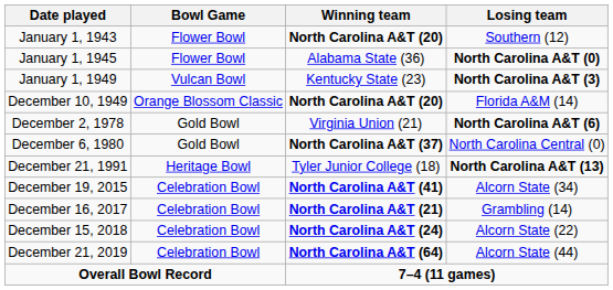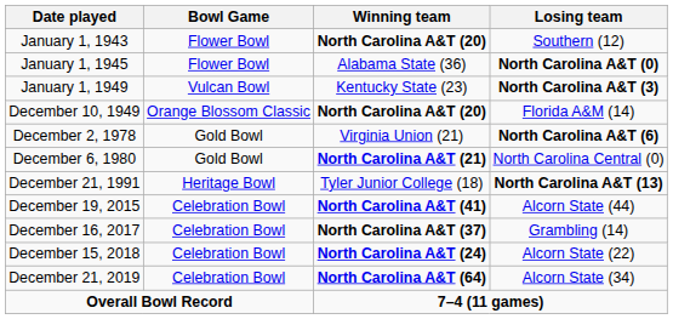 <table class="wikitable" style="text-align:center">
 <tr>
 <th>Date played</th>
 <th>Bowl Game</th>
 <th>Winning team</th>
 <th>Losing team</th>
 </tr>
 <tr style="text-align:center;">
 <td>January 1, 1943</td>
 <td><a href='#'>Flower Bowl</a></td>
 <td><strong>North Carolina A&T (20)</strong></td>
 <td><a href='#'>Southern</a> (12)</td>
 </tr>
 <tr style="text-align:center;">
 <td>January 1, 1945</td>
 <td><a href='#'>Flower Bowl</a></td>
 <td><a href='#'>Alabama State</a> (36)</td>
 <td><strong>North Carolina A&T (0)</strong></td>
 </tr>
 <tr style="text-align:center;">
 <td>January 1, 1949</td>
 <td><a href='#'>Vulcan Bowl</a></td>
 <td><a href='#'>Kentucky State</a> (23)</td>
 <td><strong>North Carolina A&T (3)</strong></td>
 </tr>
 <tr style="text-align:center;">
 <td>December 10, 1949</td>
 <td><a href='#'>Orange Blossom Classic</a></td>
 <td><strong>North Carolina A&T (20)</strong></td>
 <td><a href='#'>Florida A&M</a> (14)</td>
 </tr>
 <tr style="text-align:center;">
 <td>December 2, 1978</td>
 <td>Gold Bowl</td>
 <td><a href='#'>Virginia Union</a> (21)</td>
 <td><strong>North Carolina A&T (6)</strong></td>
 </tr>
 <tr style="text-align:center;">
 <td>December 6, 1980</td>
 <td>Gold Bowl</td>
-<td><strong>North Carolina A&T (37)</strong></td>
+<td><strong><a href='#'>North Carolina A&T</a> (21)</strong></td>
 <td><a href='#'>North Carolina Central</a> (0)</td>
 </tr>
 <tr style="text-align:center;">
 <td>December 21, 1991</td>
 <td><a href='#'>Heritage Bowl</a></td>
 <td><a href='#'>Tyler Junior College</a> (18)</td>
 <td><strong>North Carolina A&T (13)</strong></td>
 </tr>
 <tr style="text-align:center;">
 <td>December 19, 2015</td>
 <td><a href='#'>Celebration Bowl</a></td>
 <td><strong><a href='#'>North Carolina A&T</a> (41)</strong></td>
-<td><a href='#'>Alcorn State</a> (34)</td>
+<td><a href='#'>Alcorn State</a> (44)</td>
 </tr>
 <tr style="text-align:center;">
 <td>December 16, 2017</td>
 <td><a href='#'>Celebration Bowl</a></td>
-<td><strong><a href='#'>North Carolina A&T</a> (21)</strong></td>
+<td><strong>North Carolina A&T (37)</strong></td>
 <td><a href='#'>Grambling</a> (14)</td>
 </tr>
 <tr style="text-align:center;">
 <td>December 15, 2018</td>
 <td><a href='#'>Celebration Bowl</a></td>
 <td><strong><a href='#'>North Carolina A&T</a> (24)</strong></td>
 <td><a href='#'>Alcorn State</a> (22)</td>
 </tr>
 <tr style="text-align:center;">
 <td>December 21, 2019</td>
 <td><a href='#'>Celebration Bowl</a></td>
 <td><strong><a href='#'>North Carolina A&T</a> (64)</strong></td>
-<td><a href='#'>Alcorn State</a> (44)</td>
+<td><a href='#'>Alcorn State</a> (34)</td>
 </tr>
 <tr>
 <td colspan=2><strong>Overall Bowl Record</strong></td>
 <td colspan=2><strong>7–4 (11 games)</strong></td>
 </tr>
 </table>
